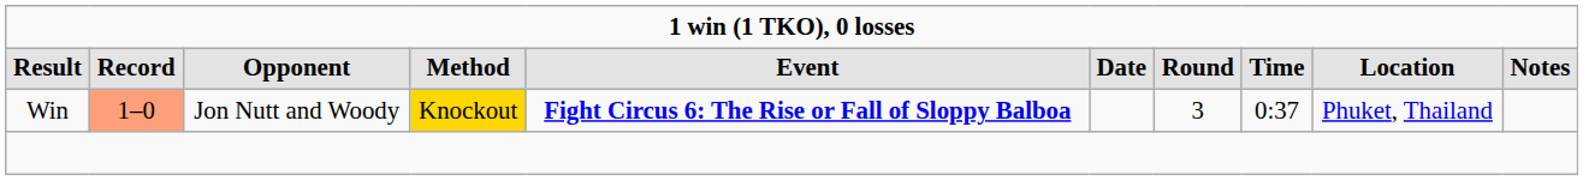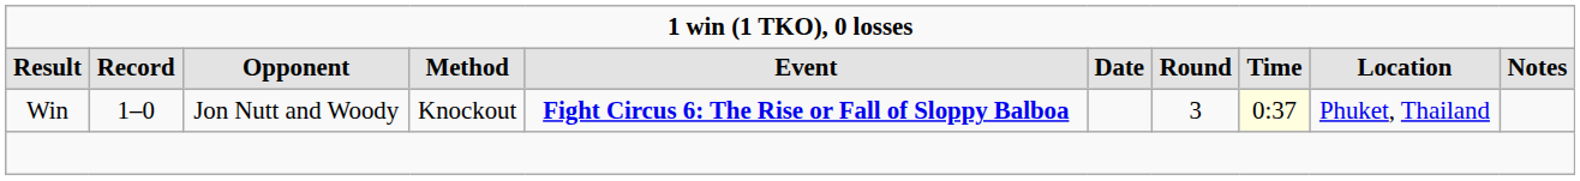 <table style="width:100%; clear:both; margin:1.5em auto; text-align:center; font-size:88%;" class="wikitable sortable">
 <tr>
 <td colspan=10><strong>1 win (1 TKO), 0 losses</strong></td>
 </tr>
 <tr>
 <th style="border-style: none none solid solid; background: #e3e3e3"><strong>Result</strong></th>
 <th style="border-style: none none solid solid; background: #e3e3e3"><strong>Record</strong></th>
 <th style="border-style: none none solid solid; background: #e3e3e3"><strong>Opponent</strong></th>
 <th style="border-style: none none solid solid; background: #e3e3e3"><strong>Method</strong></th>
 <th style="border-style: none none solid solid; background: #e3e3e3"><strong>Event</strong></th>
 <th style="border-style: none none solid solid; background: #e3e3e3"><strong>Date</strong></th>
 <th style="border-style: none none solid solid; background: #e3e3e3"><strong>Round</strong></th>
 <th style="border-style: none none solid solid; background: #e3e3e3"><strong>Time</strong></th>
 <th style="border-style: none none solid solid; background: #e3e3e3"><strong>Location</strong></th>
 <th style="border-style: none none solid solid; background: #e3e3e3"><strong>Notes</strong></th>
 </tr>
 <tr>
 <td>Win</td>
-<td align=center style="background: lightsalmon;">1–0</td>
+<td align=center>1–0</td>
 <td>Jon Nutt and Woody</td>
-<td style="background: gold;">Knockout</td>
+<td>Knockout</td>
 <td><strong><a href='#'>Fight Circus 6: The Rise or Fall of Sloppy Balboa</a></strong></td>
 <td></td>
 <td align=center>3</td>
-<td align=center>0:37</td>
+<td align=center style="background: lightyellow;">0:37</td>
 <td><a href='#'>Phuket</a>, <a href='#'>Thailand</a></td>
 <td align=left></td>
 </tr>
 <tr>
 <td colspan=10><br></td>
 </tr>
 </table>
